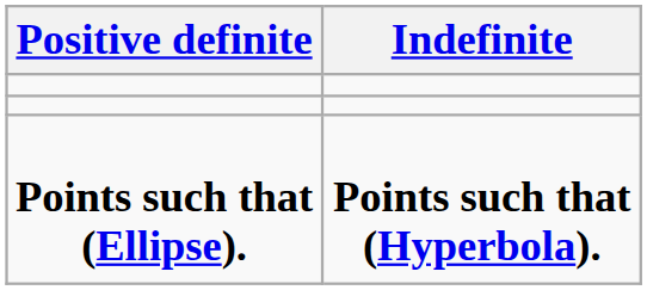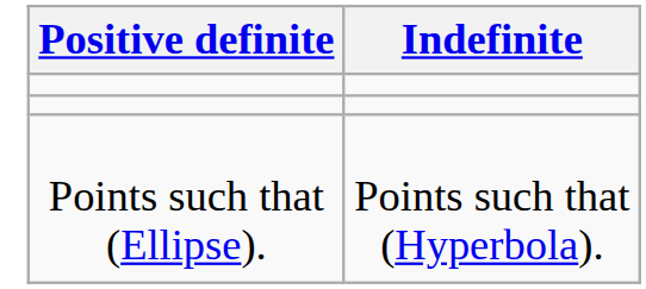 <table class="wikitable" style="float:right; text-align:center; margin:0ex 0ex 2ex 2ex;">
 <tr>
 <th><a href='#'>Positive definite</a></th>
 <th><a href='#'>Indefinite</a></th>
 </tr>
 <tr>
 <td></td>
 <td></td>
 </tr>
 <tr>
 <td></td>
 <td></td>
 </tr>
 <tr>
-<td><strong> <br>Points such that  <br> (<a href='#'>Ellipse</a>).</strong></td>
-<td><strong> <br> Points such that  <br> (<a href='#'>Hyperbola</a>).</strong></td>
+<td> <br>Points such that  <br> (<a href='#'>Ellipse</a>).</td>
+<td> <br> Points such that  <br> (<a href='#'>Hyperbola</a>).</td>
 </tr>
 </table>
